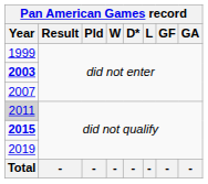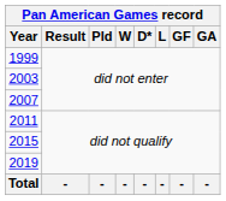 <table class="wikitable" style="text-align: center;">
 <tr>
 <th colspan=8><a href='#'>Pan American Games</a> record</th>
 </tr>
 <tr>
 <th>Year</th>
 <th>Result</th>
 <th>Pld</th>
 <th>W</th>
 <th>D*</th>
 <th>L</th>
 <th>GF</th>
 <th>GA</th>
 </tr>
 <tr>
 <td> <a href='#'>1999</a></td>
 <td colspan=7 rowspan=3><em>did not enter</em></td>
 </tr>
 <tr>
-<td><strong> <a href='#'>2003</a></strong></td>
+<td> <a href='#'>2003</a></td>
 </tr>
 <tr>
 <td> <a href='#'>2007</a></td>
 </tr>
 <tr>
-<td style="background: lightgrey;"> <a href='#'>2011</a></td>
+<td> <a href='#'>2011</a></td>
 <td colspan=7 rowspan=3><em>did not qualify</em></td>
 </tr>
 <tr>
-<td><strong> <a href='#'>2015</a></strong></td>
+<td> <a href='#'>2015</a></td>
 </tr>
 <tr>
 <td> <a href='#'>2019</a></td>
 </tr>
 <tr>
 <th>Total</th>
 <th>-</th>
 <th>-</th>
 <th>-</th>
 <th>-</th>
 <th>-</th>
 <th>-</th>
 <th>-</th>
 </tr>
 </table>
